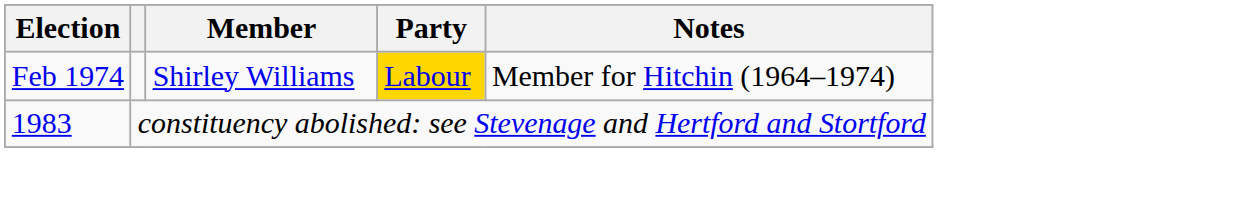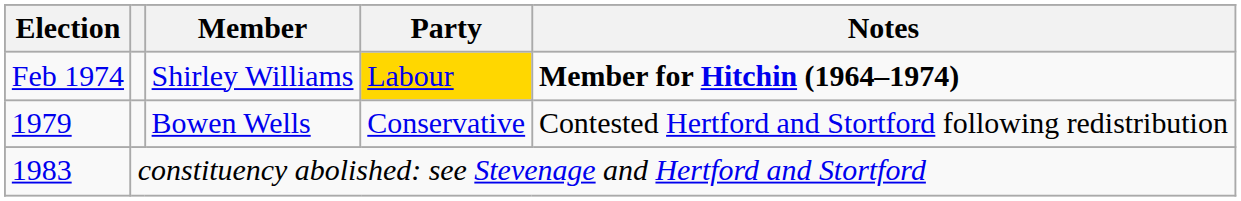 <table class="wikitable">
 <tr>
 <th>Election</th>
 <th></th>
 <th>Member</th>
 <th>Party</th>
 <th>Notes</th>
 </tr>
 <tr>
 <td><a href='#'>Feb 1974</a></td>
 <td style="color:inherit;background-color: "></td>
 <td><a href='#'>Shirley Williams</a></td>
 <td style="background: gold;"><a href='#'>Labour</a></td>
-<td>Member for <a href='#'>Hitchin</a> (1964–1974)</td>
+<td><strong>Member for <a href='#'>Hitchin</a> (1964–1974)</strong></td>
+</tr>
+<tr>
+<td><a href='#'>1979</a></td>
+<td style="color:inherit;background-color: "></td>
+<td><a href='#'>Bowen Wells</a></td>
+<td><a href='#'>Conservative</a></td>
+<td>Contested <a href='#'>Hertford and Stortford</a> following redistribution</td>
 </tr>
 <tr>
 <td><a href='#'>1983</a></td>
 <td colspan=4><em>constituency abolished: see <a href='#'>Stevenage</a> and <a href='#'>Hertford and Stortford</a></em></td>
 </tr>
 </table>
